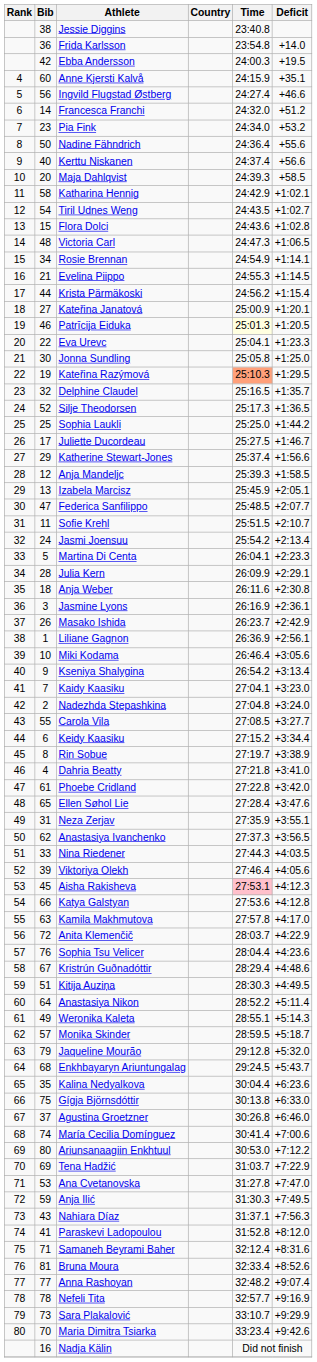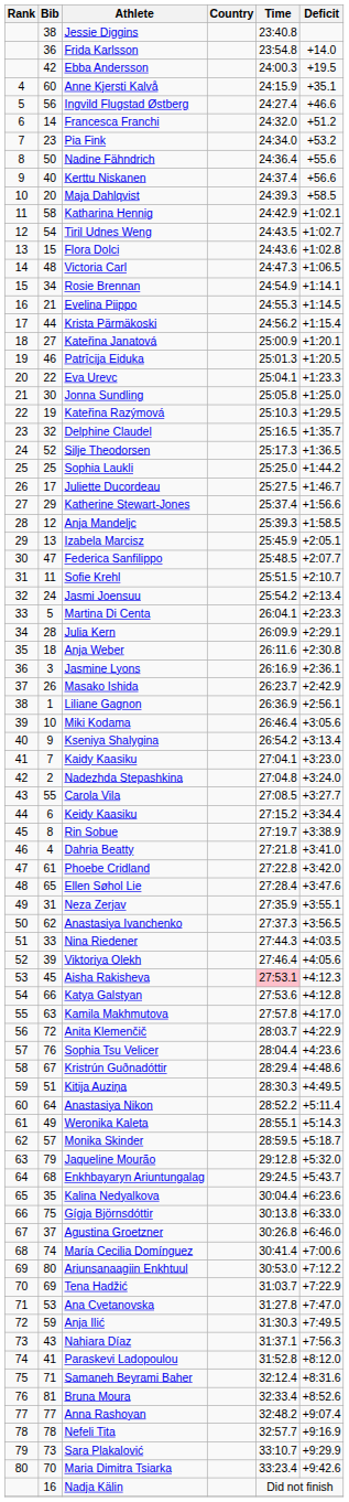 <table class="wikitable sortable" style="text-align:center">
 <tr>
 <th>Rank</th>
 <th>Bib</th>
 <th>Athlete</th>
 <th>Country</th>
 <th>Time</th>
 <th>Deficit</th>
 </tr>
 <tr>
 <td></td>
 <td>38</td>
 <td align=left><a href='#'>Jessie Diggins</a></td>
 <td align=left></td>
 <td>23:40.8</td>
 <td></td>
 </tr>
 <tr>
 <td></td>
 <td>36</td>
 <td align=left><a href='#'>Frida Karlsson</a></td>
 <td align=left></td>
 <td>23:54.8</td>
 <td>+14.0</td>
 </tr>
 <tr>
 <td></td>
 <td>42</td>
 <td align=left><a href='#'>Ebba Andersson</a></td>
 <td align=left></td>
 <td>24:00.3</td>
 <td>+19.5</td>
 </tr>
 <tr>
 <td>4</td>
 <td>60</td>
 <td align=left><a href='#'>Anne Kjersti Kalvå</a></td>
 <td align=left></td>
 <td>24:15.9</td>
 <td>+35.1</td>
 </tr>
 <tr>
 <td>5</td>
 <td>56</td>
 <td align=left><a href='#'>Ingvild Flugstad Østberg</a></td>
 <td align=left></td>
 <td>24:27.4</td>
 <td>+46.6</td>
 </tr>
 <tr>
 <td>6</td>
 <td>14</td>
 <td align=left><a href='#'>Francesca Franchi</a></td>
 <td align=left></td>
 <td>24:32.0</td>
 <td>+51.2</td>
 </tr>
 <tr>
 <td>7</td>
 <td>23</td>
 <td align=left><a href='#'>Pia Fink</a></td>
 <td align=left></td>
 <td>24:34.0</td>
 <td>+53.2</td>
 </tr>
 <tr>
 <td>8</td>
 <td>50</td>
 <td align=left><a href='#'>Nadine Fähndrich</a></td>
 <td align=left></td>
 <td>24:36.4</td>
 <td>+55.6</td>
 </tr>
 <tr>
 <td>9</td>
 <td>40</td>
 <td align=left><a href='#'>Kerttu Niskanen</a></td>
 <td align=left></td>
 <td>24:37.4</td>
 <td>+56.6</td>
 </tr>
 <tr>
 <td>10</td>
 <td>20</td>
 <td align=left><a href='#'>Maja Dahlqvist</a></td>
 <td align=left></td>
 <td>24:39.3</td>
 <td>+58.5</td>
 </tr>
 <tr>
 <td>11</td>
 <td>58</td>
 <td align=left><a href='#'>Katharina Hennig</a></td>
 <td align=left></td>
 <td>24:42.9</td>
 <td>+1:02.1</td>
 </tr>
 <tr>
 <td>12</td>
 <td>54</td>
 <td align=left><a href='#'>Tiril Udnes Weng</a></td>
 <td align=left></td>
 <td>24:43.5</td>
 <td>+1:02.7</td>
 </tr>
 <tr>
 <td>13</td>
 <td>15</td>
 <td align=left><a href='#'>Flora Dolci</a></td>
 <td align=left></td>
 <td>24:43.6</td>
 <td>+1:02.8</td>
 </tr>
 <tr>
 <td>14</td>
 <td>48</td>
 <td align=left><a href='#'>Victoria Carl</a></td>
 <td align=left></td>
 <td>24:47.3</td>
 <td>+1:06.5</td>
 </tr>
 <tr>
 <td>15</td>
 <td>34</td>
 <td align=left><a href='#'>Rosie Brennan</a></td>
 <td align=left></td>
 <td>24:54.9</td>
 <td>+1:14.1</td>
 </tr>
 <tr>
 <td>16</td>
 <td>21</td>
 <td align=left><a href='#'>Evelina Piippo</a></td>
 <td align=left></td>
 <td>24:55.3</td>
 <td>+1:14.5</td>
 </tr>
 <tr>
 <td>17</td>
 <td>44</td>
 <td align=left><a href='#'>Krista Pärmäkoski</a></td>
 <td align=left></td>
 <td>24:56.2</td>
 <td>+1:15.4</td>
 </tr>
 <tr>
 <td>18</td>
 <td>27</td>
 <td align=left><a href='#'>Kateřina Janatová</a></td>
 <td align=left></td>
 <td>25:00.9</td>
 <td>+1:20.1</td>
 </tr>
 <tr>
 <td>19</td>
 <td>46</td>
 <td align=left><a href='#'>Patrīcija Eiduka</a></td>
 <td align=left></td>
-<td style="background: lightyellow;">25:01.3</td>
+<td>25:01.3</td>
 <td>+1:20.5</td>
 </tr>
 <tr>
 <td>20</td>
 <td>22</td>
 <td align=left><a href='#'>Eva Urevc</a></td>
 <td align=left></td>
 <td>25:04.1</td>
 <td>+1:23.3</td>
 </tr>
 <tr>
 <td>21</td>
 <td>30</td>
 <td align=left><a href='#'>Jonna Sundling</a></td>
 <td align=left></td>
 <td>25:05.8</td>
 <td>+1:25.0</td>
 </tr>
 <tr>
 <td>22</td>
 <td>19</td>
 <td align=left><a href='#'>Kateřina Razýmová</a></td>
 <td align=left></td>
-<td style="background: lightsalmon;">25:10.3</td>
+<td>25:10.3</td>
 <td>+1:29.5</td>
 </tr>
 <tr>
 <td>23</td>
 <td>32</td>
 <td align=left><a href='#'>Delphine Claudel</a></td>
 <td align=left></td>
 <td>25:16.5</td>
 <td>+1:35.7</td>
 </tr>
 <tr>
 <td>24</td>
 <td>52</td>
 <td align=left><a href='#'>Silje Theodorsen</a></td>
 <td align=left></td>
 <td>25:17.3</td>
 <td>+1:36.5</td>
 </tr>
 <tr>
 <td>25</td>
 <td>25</td>
 <td align=left><a href='#'>Sophia Laukli</a></td>
 <td align=left></td>
 <td>25:25.0</td>
 <td>+1:44.2</td>
 </tr>
 <tr>
 <td>26</td>
 <td>17</td>
 <td align=left><a href='#'>Juliette Ducordeau</a></td>
 <td align=left></td>
 <td>25:27.5</td>
 <td>+1:46.7</td>
 </tr>
 <tr>
 <td>27</td>
 <td>29</td>
 <td align=left><a href='#'>Katherine Stewart-Jones</a></td>
 <td align=left></td>
 <td>25:37.4</td>
 <td>+1:56.6</td>
 </tr>
 <tr>
 <td>28</td>
 <td>12</td>
 <td align=left><a href='#'>Anja Mandeljc</a></td>
 <td align=left></td>
 <td>25:39.3</td>
 <td>+1:58.5</td>
 </tr>
 <tr>
 <td>29</td>
 <td>13</td>
 <td align=left><a href='#'>Izabela Marcisz</a></td>
 <td align=left></td>
 <td>25:45.9</td>
 <td>+2:05.1</td>
 </tr>
 <tr>
 <td>30</td>
 <td>47</td>
 <td align=left><a href='#'>Federica Sanfilippo</a></td>
 <td align=left></td>
 <td>25:48.5</td>
 <td>+2:07.7</td>
 </tr>
 <tr>
 <td>31</td>
 <td>11</td>
 <td align=left><a href='#'>Sofie Krehl</a></td>
 <td align=left></td>
 <td>25:51.5</td>
 <td>+2:10.7</td>
 </tr>
 <tr>
 <td>32</td>
 <td>24</td>
 <td align=left><a href='#'>Jasmi Joensuu</a></td>
 <td align=left></td>
 <td>25:54.2</td>
 <td>+2:13.4</td>
 </tr>
 <tr>
 <td>33</td>
 <td>5</td>
 <td align=left><a href='#'>Martina Di Centa</a></td>
 <td align=left></td>
 <td>26:04.1</td>
 <td>+2:23.3</td>
 </tr>
 <tr>
 <td>34</td>
 <td>28</td>
 <td align=left><a href='#'>Julia Kern</a></td>
 <td align=left></td>
 <td>26:09.9</td>
 <td>+2:29.1</td>
 </tr>
 <tr>
 <td>35</td>
 <td>18</td>
 <td align=left><a href='#'>Anja Weber</a></td>
 <td align=left></td>
 <td>26:11.6</td>
 <td>+2:30.8</td>
 </tr>
 <tr>
 <td>36</td>
 <td>3</td>
 <td align=left><a href='#'>Jasmine Lyons</a></td>
 <td align=left></td>
 <td>26:16.9</td>
 <td>+2:36.1</td>
 </tr>
 <tr>
 <td>37</td>
 <td>26</td>
 <td align=left><a href='#'>Masako Ishida</a></td>
 <td align=left></td>
 <td>26:23.7</td>
 <td>+2:42.9</td>
 </tr>
 <tr>
 <td>38</td>
 <td>1</td>
 <td align=left><a href='#'>Liliane Gagnon</a></td>
 <td align=left></td>
 <td>26:36.9</td>
 <td>+2:56.1</td>
 </tr>
 <tr>
 <td>39</td>
 <td>10</td>
 <td align=left><a href='#'>Miki Kodama</a></td>
 <td align=left></td>
 <td>26:46.4</td>
 <td>+3:05.6</td>
 </tr>
 <tr>
 <td>40</td>
 <td>9</td>
 <td align=left><a href='#'>Kseniya Shalygina</a></td>
 <td align=left></td>
 <td>26:54.2</td>
 <td>+3:13.4</td>
 </tr>
 <tr>
 <td>41</td>
 <td>7</td>
 <td align=left><a href='#'>Kaidy Kaasiku</a></td>
 <td align=left></td>
 <td>27:04.1</td>
 <td>+3:23.0</td>
 </tr>
 <tr>
 <td>42</td>
 <td>2</td>
 <td align=left><a href='#'>Nadezhda Stepashkina</a></td>
 <td align=left></td>
 <td>27:04.8</td>
 <td>+3:24.0</td>
 </tr>
 <tr>
 <td>43</td>
 <td>55</td>
 <td align=left><a href='#'>Carola Vila</a></td>
 <td align=left></td>
 <td>27:08.5</td>
 <td>+3:27.7</td>
 </tr>
 <tr>
 <td>44</td>
 <td>6</td>
 <td align=left><a href='#'>Keidy Kaasiku</a></td>
 <td align=left></td>
 <td>27:15.2</td>
 <td>+3:34.4</td>
 </tr>
 <tr>
 <td>45</td>
 <td>8</td>
 <td align=left><a href='#'>Rin Sobue</a></td>
 <td align=left></td>
 <td>27:19.7</td>
 <td>+3:38.9</td>
 </tr>
 <tr>
 <td>46</td>
 <td>4</td>
 <td align=left><a href='#'>Dahria Beatty</a></td>
 <td align=left></td>
 <td>27:21.8</td>
 <td>+3:41.0</td>
 </tr>
 <tr>
 <td>47</td>
 <td>61</td>
 <td align=left><a href='#'>Phoebe Cridland</a></td>
 <td align=left></td>
 <td>27:22.8</td>
 <td>+3:42.0</td>
 </tr>
 <tr>
 <td>48</td>
 <td>65</td>
 <td align=left><a href='#'>Ellen Søhol Lie</a></td>
 <td align=left></td>
 <td>27:28.4</td>
 <td>+3:47.6</td>
 </tr>
 <tr>
 <td>49</td>
 <td>31</td>
 <td align=left><a href='#'>Neza Zerjav</a></td>
 <td align=left></td>
 <td>27:35.9</td>
 <td>+3:55.1</td>
 </tr>
 <tr>
 <td>50</td>
 <td>62</td>
 <td align=left><a href='#'>Anastasiya Ivanchenko</a></td>
 <td align=left></td>
 <td>27:37.3</td>
 <td>+3:56.5</td>
 </tr>
 <tr>
 <td>51</td>
 <td>33</td>
 <td align=left><a href='#'>Nina Riedener</a></td>
 <td align=left></td>
 <td>27:44.3</td>
 <td>+4:03.5</td>
 </tr>
 <tr>
 <td>52</td>
 <td>39</td>
 <td align=left><a href='#'>Viktoriya Olekh</a></td>
 <td align=left></td>
 <td>27:46.4</td>
 <td>+4:05.6</td>
 </tr>
 <tr>
 <td>53</td>
 <td>45</td>
 <td align=left><a href='#'>Aisha Rakisheva</a></td>
 <td align=left></td>
 <td style="background: pink;">27:53.1</td>
 <td>+4:12.3</td>
 </tr>
 <tr>
 <td>54</td>
 <td>66</td>
 <td align=left><a href='#'>Katya Galstyan</a></td>
 <td align=left></td>
 <td>27:53.6</td>
 <td>+4:12.8</td>
 </tr>
 <tr>
 <td>55</td>
 <td>63</td>
 <td align=left><a href='#'>Kamila Makhmutova</a></td>
 <td align=left></td>
 <td>27:57.8</td>
 <td>+4:17.0</td>
 </tr>
 <tr>
 <td>56</td>
 <td>72</td>
 <td align=left><a href='#'>Anita Klemenčič</a></td>
 <td align=left></td>
 <td>28:03.7</td>
 <td>+4:22.9</td>
 </tr>
 <tr>
 <td>57</td>
 <td>76</td>
 <td align=left><a href='#'>Sophia Tsu Velicer</a></td>
 <td align=left></td>
 <td>28:04.4</td>
 <td>+4:23.6</td>
 </tr>
 <tr>
 <td>58</td>
 <td>67</td>
 <td align=left><a href='#'>Kristrún Guðnadóttir</a></td>
 <td align=left></td>
 <td>28:29.4</td>
 <td>+4:48.6</td>
 </tr>
 <tr>
 <td>59</td>
 <td>51</td>
 <td align=left><a href='#'>Kitija Auziņa</a></td>
 <td align=left></td>
 <td>28:30.3</td>
 <td>+4:49.5</td>
 </tr>
 <tr>
 <td>60</td>
 <td>64</td>
 <td align=left><a href='#'>Anastasiya Nikon</a></td>
 <td align=left></td>
 <td>28:52.2</td>
 <td>+5:11.4</td>
 </tr>
 <tr>
 <td>61</td>
 <td>49</td>
 <td align=left><a href='#'>Weronika Kaleta</a></td>
 <td align=left></td>
 <td>28:55.1</td>
 <td>+5:14.3</td>
 </tr>
 <tr>
 <td>62</td>
 <td>57</td>
 <td align=left><a href='#'>Monika Skinder</a></td>
 <td align=left></td>
 <td>28:59.5</td>
 <td>+5:18.7</td>
 </tr>
 <tr>
 <td>63</td>
 <td>79</td>
 <td align=left><a href='#'>Jaqueline Mourão</a></td>
 <td align=left></td>
 <td>29:12.8</td>
 <td>+5:32.0</td>
 </tr>
 <tr>
 <td>64</td>
 <td>68</td>
 <td align=left><a href='#'>Enkhbayaryn Ariuntungalag</a></td>
 <td align=left></td>
 <td>29:24.5</td>
 <td>+5:43.7</td>
 </tr>
 <tr>
 <td>65</td>
 <td>35</td>
 <td align=left><a href='#'>Kalina Nedyalkova</a></td>
 <td align=left></td>
 <td>30:04.4</td>
 <td>+6:23.6</td>
 </tr>
 <tr>
 <td>66</td>
 <td>75</td>
 <td align=left><a href='#'>Gígja Björnsdóttir</a></td>
 <td align=left></td>
 <td>30:13.8</td>
 <td>+6:33.0</td>
 </tr>
 <tr>
 <td>67</td>
 <td>37</td>
 <td align=left><a href='#'>Agustina Groetzner</a></td>
 <td align=left></td>
 <td>30:26.8</td>
 <td>+6:46.0</td>
 </tr>
 <tr>
 <td>68</td>
 <td>74</td>
 <td align=left><a href='#'>María Cecilia Domínguez</a></td>
 <td align=left></td>
 <td>30:41.4</td>
 <td>+7:00.6</td>
 </tr>
 <tr>
 <td>69</td>
 <td>80</td>
 <td align=left><a href='#'>Ariunsanaagiin Enkhtuul</a></td>
 <td align=left></td>
 <td>30:53.0</td>
 <td>+7:12.2</td>
 </tr>
 <tr>
 <td>70</td>
 <td>69</td>
 <td align=left><a href='#'>Tena Hadžić</a></td>
 <td align=left></td>
 <td>31:03.7</td>
 <td>+7:22.9</td>
 </tr>
 <tr>
 <td>71</td>
 <td>53</td>
 <td align=left><a href='#'>Ana Cvetanovska</a></td>
 <td align=left></td>
 <td>31:27.8</td>
 <td>+7:47.0</td>
 </tr>
 <tr>
 <td>72</td>
 <td>59</td>
 <td align=left><a href='#'>Anja Ilić</a></td>
 <td align=left></td>
 <td>31:30.3</td>
 <td>+7:49.5</td>
 </tr>
 <tr>
 <td>73</td>
 <td>43</td>
 <td align=left><a href='#'>Nahiara Díaz</a></td>
 <td align=left></td>
 <td>31:37.1</td>
 <td>+7:56.3</td>
 </tr>
 <tr>
 <td>74</td>
 <td>41</td>
 <td align=left><a href='#'>Paraskevi Ladopoulou</a></td>
 <td align=left></td>
 <td>31:52.8</td>
 <td>+8:12.0</td>
 </tr>
 <tr>
 <td>75</td>
 <td>71</td>
 <td align=left><a href='#'>Samaneh Beyrami Baher</a></td>
 <td align=left></td>
 <td>32:12.4</td>
 <td>+8:31.6</td>
 </tr>
 <tr>
 <td>76</td>
 <td>81</td>
 <td align=left><a href='#'>Bruna Moura</a></td>
 <td align=left></td>
 <td>32:33.4</td>
 <td>+8:52.6</td>
 </tr>
 <tr>
 <td>77</td>
 <td>77</td>
 <td align=left><a href='#'>Anna Rashoyan</a></td>
 <td align=left></td>
 <td>32:48.2</td>
 <td>+9:07.4</td>
 </tr>
 <tr>
 <td>78</td>
 <td>78</td>
 <td align=left><a href='#'>Nefeli Tita</a></td>
 <td align=left></td>
 <td>32:57.7</td>
 <td>+9:16.9</td>
 </tr>
 <tr>
 <td>79</td>
 <td>73</td>
 <td align=left><a href='#'>Sara Plakalović</a></td>
 <td align=left></td>
 <td>33:10.7</td>
 <td>+9:29.9</td>
 </tr>
 <tr>
 <td>80</td>
 <td>70</td>
 <td align=left><a href='#'>Maria Dimitra Tsiarka</a></td>
 <td align=left></td>
 <td>33:23.4</td>
 <td>+9:42.6</td>
 </tr>
 <tr>
 <td></td>
 <td>16</td>
 <td align=left><a href='#'>Nadja Kälin</a></td>
 <td align=left></td>
 <td colspan=2>Did not finish</td>
 </tr>
 <tr>
 </tr>
 </table>
